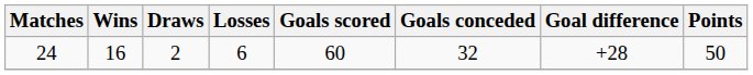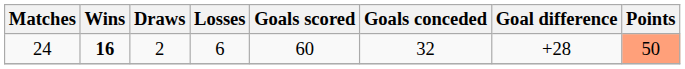 <table class="wikitable" | style="text-align:center;">
 <tr>
 <th>Matches</th>
 <th>Wins</th>
 <th>Draws</th>
 <th>Losses</th>
 <th>Goals scored</th>
 <th>Goals conceded</th>
 <th>Goal difference</th>
 <th>Points</th>
 </tr>
 <tr>
 <td>24</td>
-<td>16</td>
+<td><strong>16</strong></td>
 <td>2</td>
 <td>6</td>
 <td>60</td>
 <td>32</td>
 <td>+28</td>
-<td>50</td>
+<td style="background: lightsalmon;">50</td>
 </tr>
 <tr>
 </tr>
 </table>
